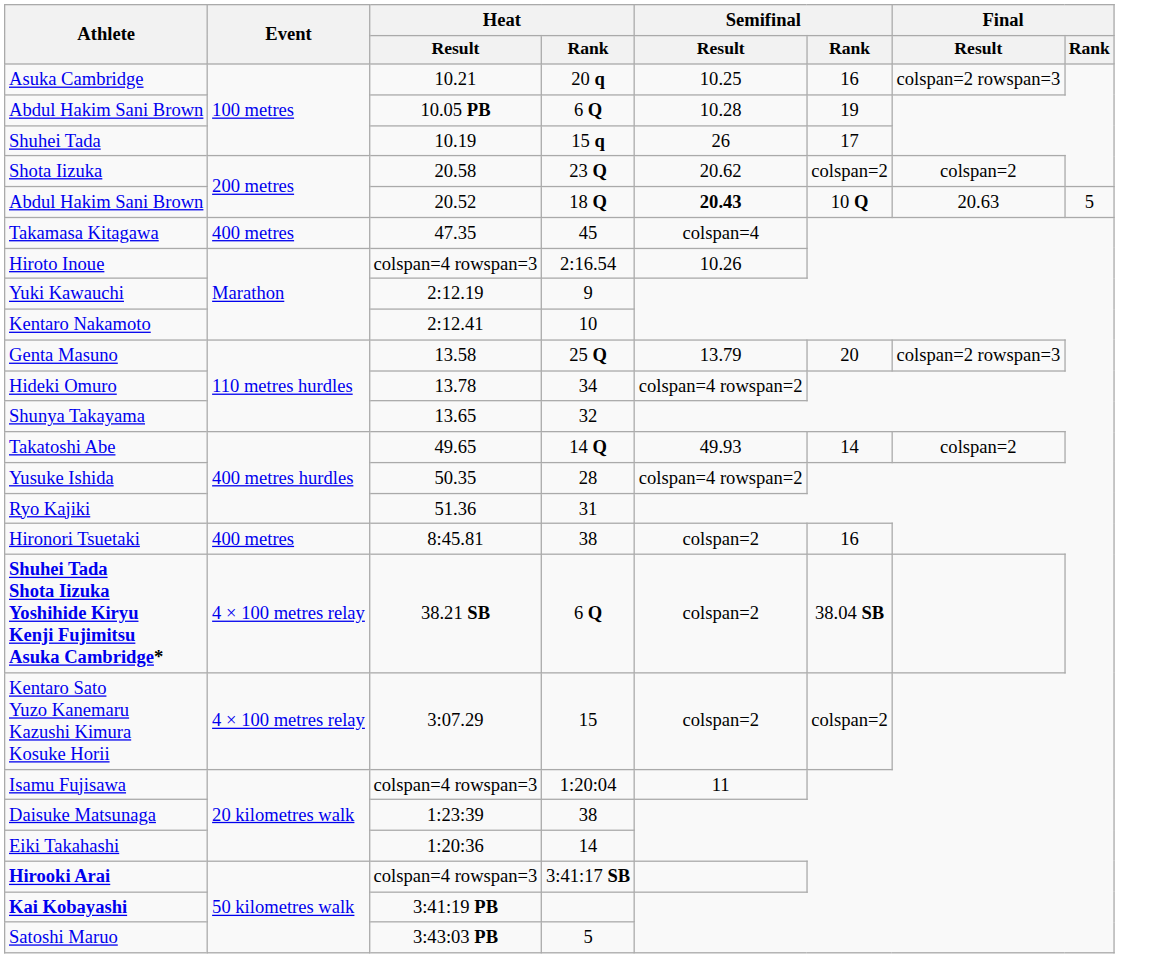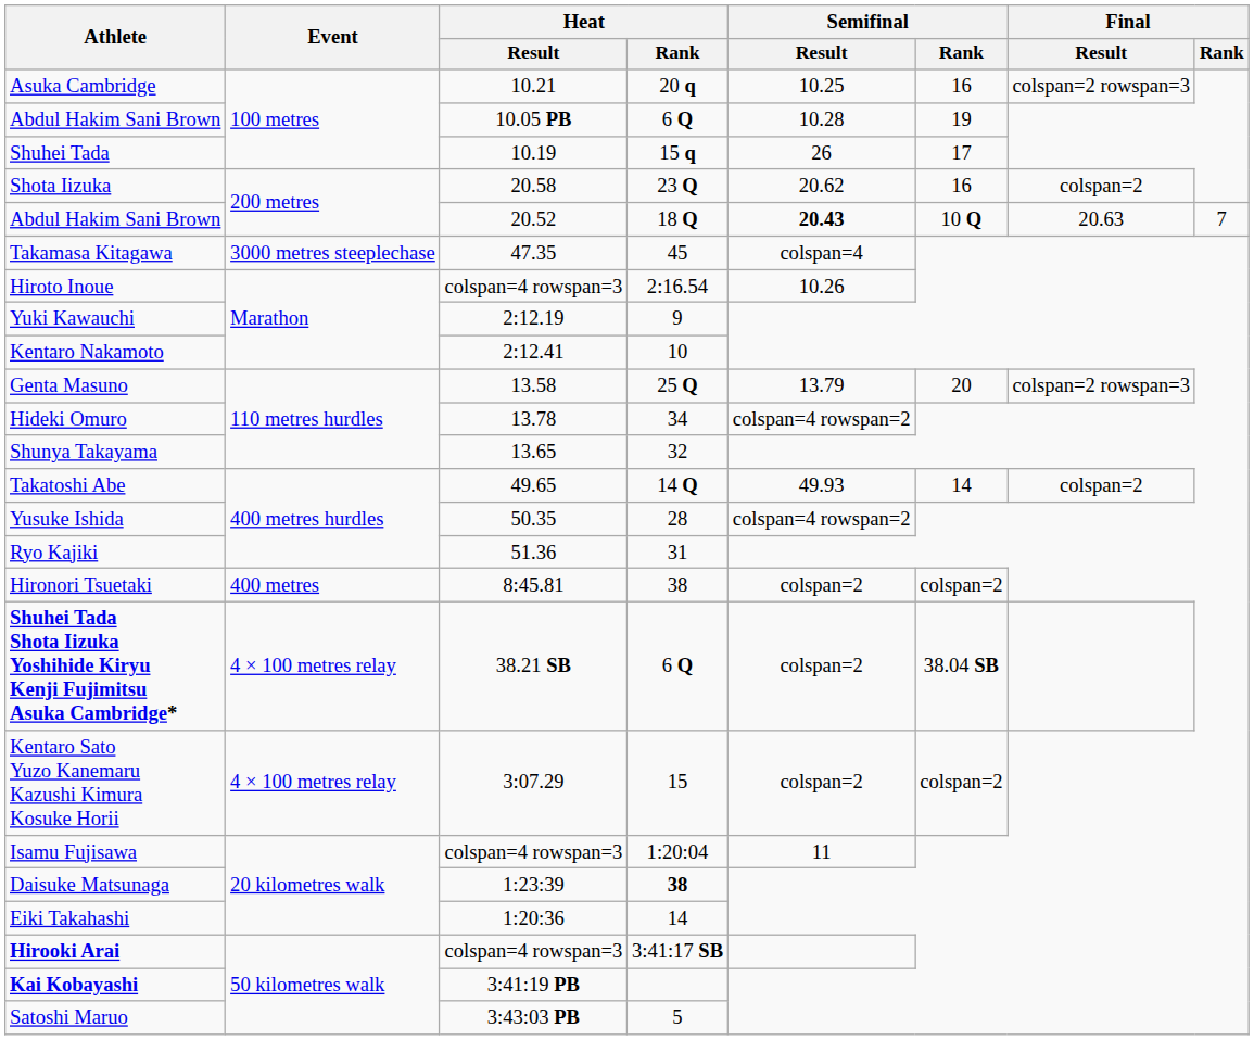 <table class="wikitable" style="font-size:90%">
 <tr>
 <th rowspan="2">Athlete</th>
 <th rowspan="2">Event</th>
 <th colspan="2">Heat</th>
 <th colspan="2">Semifinal</th>
 <th colspan="2">Final</th>
 </tr>
 <tr style="font-size:95%">
 <th>Result</th>
 <th>Rank</th>
 <th>Result</th>
 <th>Rank</th>
 <th>Result</th>
 <th>Rank</th>
 </tr>
 <tr style=text-align:center>
 <td style=text-align:left><a href='#'>Asuka Cambridge</a></td>
 <td style=text-align:left rowspan=3><a href='#'>100 metres</a></td>
 <td>10.21</td>
 <td>20 <strong>q</strong></td>
 <td>10.25</td>
 <td>16</td>
 <td>colspan=2 rowspan=3 </td>
 </tr>
 <tr style=text-align:center>
 <td style=text-align:left><a href='#'>Abdul Hakim Sani Brown</a></td>
 <td>10.05 <strong>PB</strong></td>
 <td>6 <strong>Q</strong></td>
 <td>10.28</td>
 <td>19</td>
 </tr>
 <tr style=text-align:center>
 <td style=text-align:left><a href='#'>Shuhei Tada</a></td>
 <td>10.19</td>
 <td>15 <strong>q</strong></td>
 <td>26</td>
 <td>17</td>
 </tr>
 <tr style=text-align:center>
 <td style=text-align:left><a href='#'>Shota Iizuka</a></td>
 <td style=text-align:left rowspan=2><a href='#'>200 metres</a></td>
 <td>20.58</td>
 <td>23 <strong>Q</strong></td>
 <td>20.62</td>
-<td>colspan=2 </td>
+<td>16</td>
 <td>colspan=2 </td>
 </tr>
 <tr style=text-align:center>
 <td style=text-align:left><a href='#'>Abdul Hakim Sani Brown</a></td>
 <td>20.52</td>
 <td>18 <strong>Q</strong></td>
 <td><strong>20.43</strong></td>
 <td>10 <strong>Q</strong></td>
 <td>20.63</td>
-<td>5</td>
+<td>7</td>
 </tr>
 <tr style=text-align:center>
 <td style=text-align:left><a href='#'>Takamasa Kitagawa</a></td>
-<td style=text-align:left><a href='#'>400 metres</a></td>
+<td style=text-align:left><a href='#'>3000 metres steeplechase</a></td>
 <td>47.35</td>
 <td>45</td>
 <td>colspan=4 </td>
 </tr>
 <tr style=text-align:center>
 <td style=text-align:left><a href='#'>Hiroto Inoue</a></td>
 <td style=text-align:left rowspan=3><a href='#'>Marathon</a></td>
 <td>colspan=4 rowspan=3 </td>
 <td>2:16.54</td>
 <td>10.26</td>
 </tr>
 <tr style=text-align:center>
 <td style=text-align:left><a href='#'>Yuki Kawauchi</a></td>
 <td>2:12.19</td>
 <td>9</td>
 </tr>
 <tr style=text-align:center>
 <td style=text-align:left><a href='#'>Kentaro Nakamoto</a></td>
 <td>2:12.41</td>
 <td>10</td>
 </tr>
 <tr style=text-align:center>
 <td style=text-align:left><a href='#'>Genta Masuno</a></td>
 <td style=text-align:left rowspan=3><a href='#'>110 metres hurdles</a></td>
 <td>13.58</td>
 <td>25 <strong>Q</strong></td>
 <td>13.79</td>
 <td>20</td>
 <td>colspan=2 rowspan=3 </td>
 </tr>
 <tr style=text-align:center>
 <td style=text-align:left><a href='#'>Hideki Omuro</a></td>
 <td>13.78</td>
 <td>34</td>
 <td>colspan=4 rowspan=2 </td>
 </tr>
 <tr style=text-align:center>
 <td style=text-align:left><a href='#'>Shunya Takayama</a></td>
 <td>13.65</td>
 <td>32</td>
 </tr>
 <tr style=text-align:center>
 <td style=text-align:left><a href='#'>Takatoshi Abe</a></td>
 <td style=text-align:left rowspan=3><a href='#'>400 metres hurdles</a></td>
 <td>49.65</td>
 <td>14 <strong>Q</strong></td>
 <td>49.93</td>
 <td>14</td>
 <td>colspan=2 </td>
 </tr>
 <tr style=text-align:center>
 <td style=text-align:left><a href='#'>Yusuke Ishida</a></td>
 <td>50.35</td>
 <td>28</td>
 <td>colspan=4 rowspan=2 </td>
 </tr>
 <tr style=text-align:center>
 <td style=text-align:left><a href='#'>Ryo Kajiki</a></td>
 <td>51.36</td>
 <td>31</td>
 </tr>
 <tr style=text-align:center>
 <td style=text-align:left><a href='#'>Hironori Tsuetaki</a></td>
 <td style=text-align:left><a href='#'>400 metres</a></td>
 <td>8:45.81</td>
 <td>38</td>
 <td>colspan=2 </td>
-<td>16</td>
+<td>colspan=2 </td>
 </tr>
 <tr style=text-align:center>
 <td style=text-align:left><strong><a href='#'>Shuhei Tada</a><br><a href='#'>Shota Iizuka</a><br><a href='#'>Yoshihide Kiryu</a><br><a href='#'>Kenji Fujimitsu</a><br><a href='#'>Asuka Cambridge</a>*</strong></td>
 <td style=text-align:left><a href='#'>4 × 100 metres relay</a></td>
 <td>38.21 <strong>SB</strong></td>
 <td>6 <strong>Q</strong></td>
 <td>colspan=2 </td>
 <td>38.04 <strong>SB</strong></td>
 <td></td>
 </tr>
 <tr style=text-align:center>
 <td style=text-align:left><a href='#'>Kentaro Sato</a><br><a href='#'>Yuzo Kanemaru</a><br><a href='#'>Kazushi Kimura</a><br><a href='#'>Kosuke Horii</a></td>
 <td style=text-align:left><a href='#'>4 × 100 metres relay</a></td>
 <td>3:07.29</td>
 <td>15</td>
 <td>colspan=2 </td>
 <td>colspan=2 </td>
 </tr>
 <tr style=text-align:center>
 <td style=text-align:left><a href='#'>Isamu Fujisawa</a></td>
 <td style=text-align:left rowspan=3><a href='#'>20 kilometres walk</a></td>
 <td>colspan=4 rowspan=3 </td>
 <td>1:20:04</td>
 <td>11</td>
 </tr>
 <tr style=text-align:center>
 <td style=text-align:left><a href='#'>Daisuke Matsunaga</a></td>
 <td>1:23:39</td>
-<td>38</td>
+<td><strong>38</strong></td>
 </tr>
 <tr style=text-align:center>
 <td style=text-align:left><a href='#'>Eiki Takahashi</a></td>
 <td>1:20:36</td>
 <td>14</td>
 </tr>
 <tr style=text-align:center>
 <td style=text-align:left><strong><a href='#'>Hirooki Arai</a></strong></td>
 <td style=text-align:left rowspan=3><a href='#'>50 kilometres walk</a></td>
 <td>colspan=4 rowspan=3 </td>
 <td>3:41:17 <strong>SB</strong></td>
 <td></td>
 </tr>
 <tr style=text-align:center>
 <td style=text-align:left><strong><a href='#'>Kai Kobayashi</a></strong></td>
 <td>3:41:19 <strong>PB</strong></td>
 <td></td>
 </tr>
 <tr style=text-align:center>
 <td style=text-align:left><a href='#'>Satoshi Maruo</a></td>
 <td>3:43:03 <strong>PB</strong></td>
 <td>5</td>
 </tr>
 </table>
